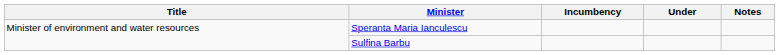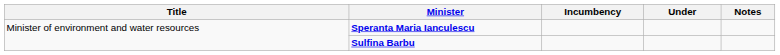 <table class="wikitable" style="width:100%;">
 <tr>
 <th>Title</th>
 <th style="width:25%;"><a href='#'>Minister</a></th>
 <th style="width:160px;">Incumbency</th>
 <th style="width:10%;">Under</th>
 <th style="width:7%;">Notes</th>
 </tr>
 <tr>
 <td rowspan="2" style="vertical-align:top;">Minister of environment and water resources</td>
-<td><a href='#'>Speranta Maria Ianculescu</a></td>
+<td><strong><a href='#'>Speranta Maria Ianculescu</a></strong></td>
 <td></td>
 <td></td>
 <td></td>
 </tr>
 <tr>
-<td><a href='#'>Sulfina Barbu</a></td>
+<td><strong><a href='#'>Sulfina Barbu</a></strong></td>
 <td></td>
 <td></td>
 <td></td>
 </tr>
 </table>
